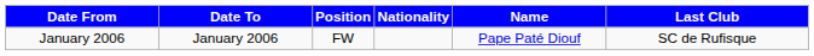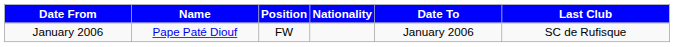 <table class="wikitable"  style="text-align:center; font-size:90%; ">
 <tr>
 <th style="background:#00f; color:white; width:150px;">Date From</th>
-<th style="background:#00f; color:white; width:150px;">Date To</th>
+<th style="background:#00f; color:white; width:150px;">Name</th>
 <th style="background:#00f; color:white; width:50px;">Position</th>
 <th style="background:#00f; color:white; width:50px;">Nationality</th>
-<th style="background:#00f; color:white; width:150px;">Name</th>
+<th style="background:#00f; color:white; width:150px;">Date To</th>
 <th style="background:#00f; color:white; width:200px;">Last Club</th>
 </tr>
 <tr>
 <td>January 2006</td>
-<td>January 2006</td>
+<td><a href='#'>Pape Paté Diouf</a></td>
 <td>FW</td>
 <td></td>
-<td><a href='#'>Pape Paté Diouf</a></td>
+<td>January 2006</td>
 <td> SC de Rufisque</td>
 </tr>
 </table>
